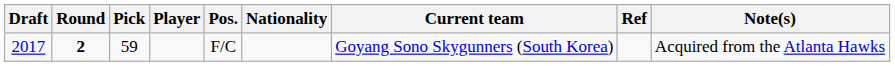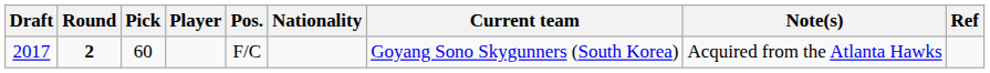 <table class="wikitable sortable" style="text-align:left; font-size:90%;">
 <tr>
 <th>Draft</th>
 <th>Round</th>
 <th>Pick</th>
 <th>Player</th>
 <th>Pos.</th>
 <th>Nationality</th>
 <th>Current team</th>
+<th>Note(s)</th>
 <th class="unsortable">Ref</th>
-<th>Note(s)</th>
 </tr>
 <tr>
 <td style="text-align:center;"><a href='#'>2017</a></td>
 <td style="text-align:center;"><strong>2</strong></td>
-<td style="text-align:center;">59</td>
+<td style="text-align:center;">60</td>
 <td></td>
 <td style="text-align:center;">F/C</td>
 <td></td>
 <td><a href='#'>Goyang Sono Skygunners</a> (<a href='#'>South Korea</a>)</td>
+<td>Acquired from the <a href='#'>Atlanta Hawks</a></td>
 <td style="text-align:center;"></td>
-<td>Acquired from the <a href='#'>Atlanta Hawks</a></td>
 </tr>
 </table>
